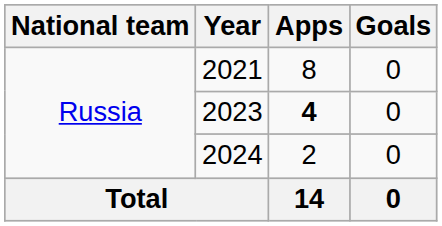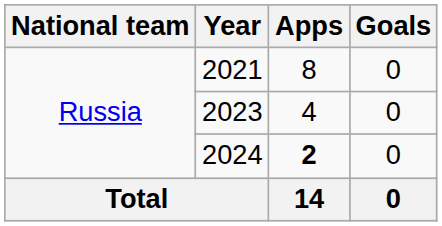 <table class=wikitable style=text-align:center>
 <tr>
 <th>National team</th>
 <th>Year</th>
 <th>Apps</th>
 <th>Goals</th>
 </tr>
 <tr>
 <td rowspan="3"><a href='#'>Russia</a></td>
 <td>2021</td>
 <td>8</td>
 <td>0</td>
 </tr>
 <tr>
 <td>2023</td>
-<td><strong>4</strong></td>
+<td>4</td>
 <td>0</td>
 </tr>
 <tr>
 <td>2024</td>
-<td>2</td>
+<td><strong>2</strong></td>
 <td>0</td>
 </tr>
 <tr>
 <th colspan=2>Total</th>
 <th>14</th>
 <th>0</th>
 </tr>
 </table>
